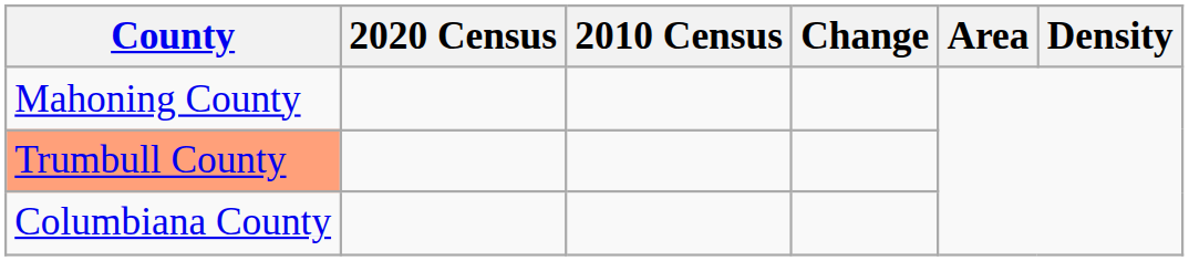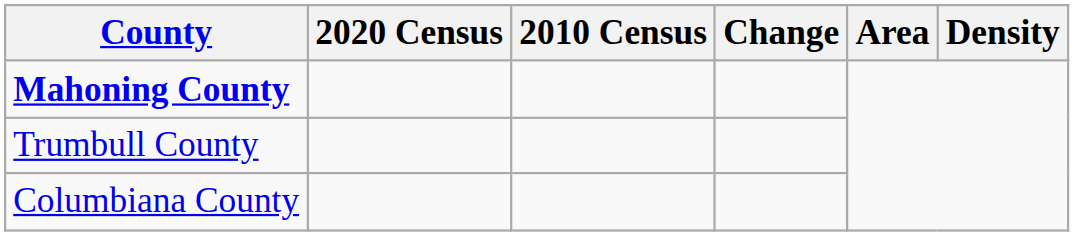 <table class="wikitable sortable">
 <tr>
 <th><a href='#'>County</a></th>
 <th>2020 Census</th>
 <th>2010 Census</th>
 <th>Change</th>
 <th>Area</th>
 <th>Density</th>
 </tr>
 <tr>
-<td><a href='#'>Mahoning County</a></td>
+<td><strong><a href='#'>Mahoning County</a></strong></td>
 <td></td>
 <td></td>
 <td></td>
 </tr>
 <tr>
-<td style="background: lightsalmon;"><a href='#'>Trumbull County</a></td>
+<td><a href='#'>Trumbull County</a></td>
 <td></td>
 <td></td>
 <td></td>
 </tr>
 <tr>
 <td><a href='#'>Columbiana County</a></td>
 <td></td>
 <td></td>
 <td></td>
 </tr>
 </table>
